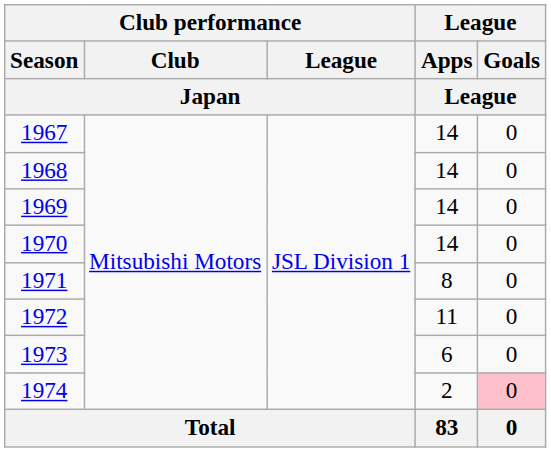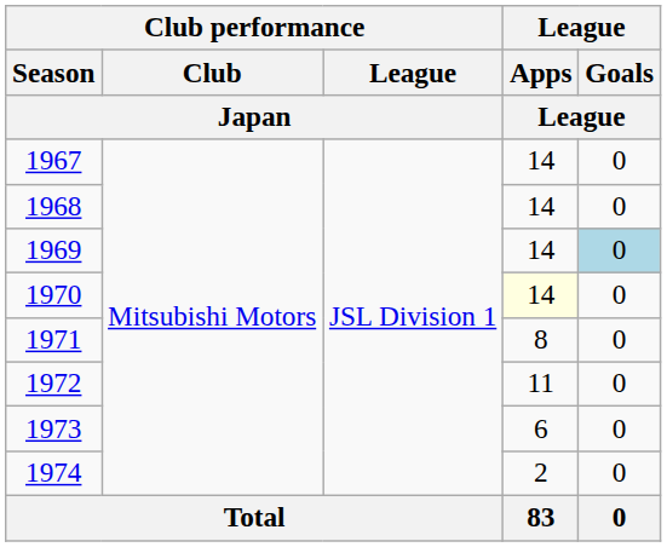 <table class="wikitable" style="text-align:center;">
 <tr>
 <th colspan=3>Club performance</th>
 <th colspan=2>League</th>
 </tr>
 <tr>
 <th>Season</th>
 <th>Club</th>
 <th>League</th>
 <th>Apps</th>
 <th>Goals</th>
 </tr>
 <tr>
 <th colspan=3>Japan</th>
 <th colspan=2>League</th>
 </tr>
 <tr>
 <td><a href='#'>1967</a></td>
 <td rowspan="8"><a href='#'>Mitsubishi Motors</a></td>
 <td rowspan="8"><a href='#'>JSL Division 1</a></td>
 <td>14</td>
 <td>0</td>
 </tr>
 <tr>
 <td><a href='#'>1968</a></td>
 <td>14</td>
 <td>0</td>
 </tr>
 <tr>
 <td><a href='#'>1969</a></td>
 <td>14</td>
-<td>0</td>
+<td style="background: lightblue;">0</td>
 </tr>
 <tr>
 <td><a href='#'>1970</a></td>
-<td>14</td>
+<td style="background: lightyellow;">14</td>
 <td>0</td>
 </tr>
 <tr>
 <td><a href='#'>1971</a></td>
 <td>8</td>
 <td>0</td>
 </tr>
 <tr>
 <td><a href='#'>1972</a></td>
 <td>11</td>
 <td>0</td>
 </tr>
 <tr>
 <td><a href='#'>1973</a></td>
 <td>6</td>
 <td>0</td>
 </tr>
 <tr>
 <td><a href='#'>1974</a></td>
 <td>2</td>
-<td style="background: pink;">0</td>
+<td>0</td>
 </tr>
 <tr>
 <th colspan=3>Total</th>
 <th>83</th>
 <th>0</th>
 </tr>
 </table>
